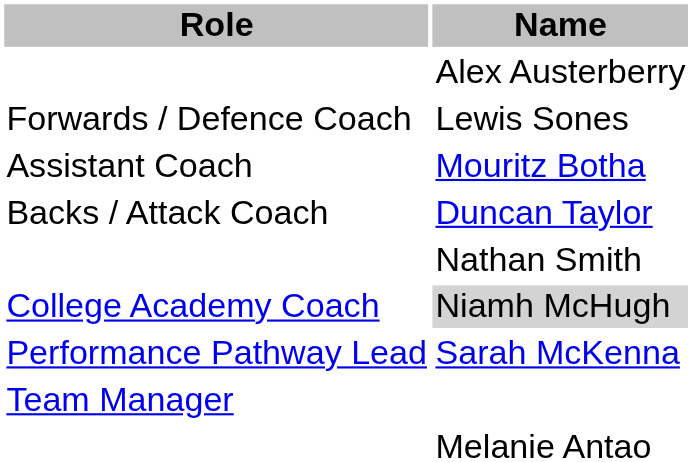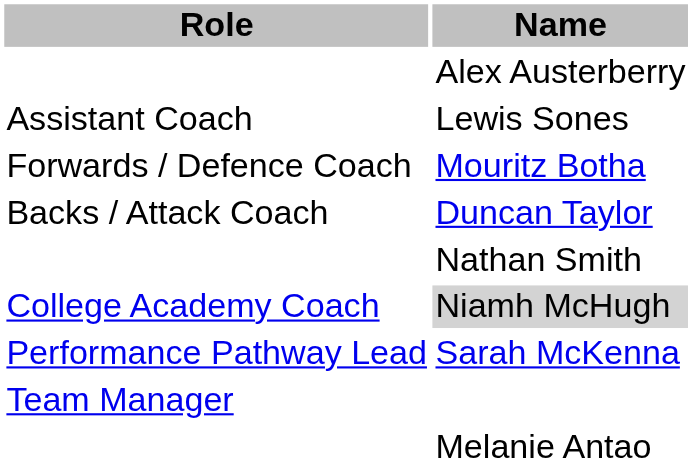 <table class="toccolours">
 <tr>
 <th style="background:silver;" align=center>Role</th>
 <th style="background:silver;" align=center>Name</th>
 </tr>
 <tr>
 <td></td>
 <td> Alex Austerberry</td>
 </tr>
 <tr>
-<td>Forwards / Defence Coach</td>
+<td>Assistant Coach</td>
 <td> Lewis Sones</td>
 </tr>
 <tr>
-<td>Assistant Coach</td>
+<td>Forwards / Defence Coach</td>
 <td> <a href='#'>Mouritz Botha</a></td>
 </tr>
 <tr>
 <td>Backs / Attack Coach</td>
 <td> <a href='#'>Duncan Taylor</a></td>
 </tr>
 <tr>
 <td></td>
 <td> Nathan Smith</td>
 </tr>
 <tr>
 <td><a href='#'>College Academy Coach</a></td>
 <td style="background: lightgrey;"> Niamh McHugh</td>
 </tr>
 <tr>
 <td><a href='#'>Performance Pathway Lead</a></td>
 <td> <a href='#'>Sarah McKenna</a></td>
 </tr>
 <tr>
 <td><a href='#'>Team Manager</a></td>
 <td></td>
 </tr>
 <tr>
 <td></td>
 <td> Melanie Antao</td>
 </tr>
 <tr>
 </tr>
 </table>
